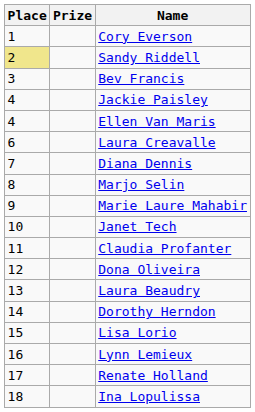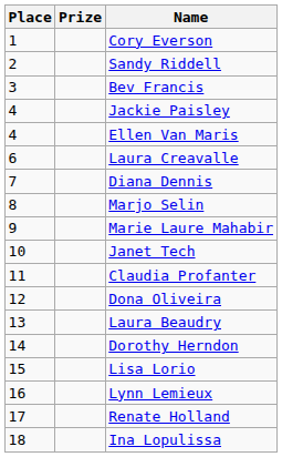 <table class="wikitable">
 <tr>
 <th>Place</th>
 <th>Prize</th>
 <th>Name</th>
 </tr>
 <tr>
 <td>1</td>
 <td></td>
 <td> <a href='#'>Cory Everson</a></td>
 </tr>
 <tr>
-<td style="background: khaki;">2</td>
+<td>2</td>
 <td></td>
 <td> <a href='#'>Sandy Riddell</a></td>
 </tr>
 <tr>
 <td>3</td>
 <td></td>
 <td> <a href='#'>Bev Francis</a></td>
 </tr>
 <tr>
 <td>4</td>
 <td></td>
 <td> <a href='#'>Jackie Paisley</a></td>
 </tr>
 <tr>
 <td>4</td>
 <td></td>
 <td> <a href='#'>Ellen Van Maris</a></td>
 </tr>
 <tr>
 <td>6</td>
 <td></td>
 <td> <a href='#'>Laura Creavalle</a></td>
 </tr>
 <tr>
 <td>7</td>
 <td></td>
 <td> <a href='#'>Diana Dennis</a></td>
 </tr>
 <tr>
 <td>8</td>
 <td></td>
 <td> <a href='#'>Marjo Selin</a></td>
 </tr>
 <tr>
 <td>9</td>
 <td></td>
 <td> <a href='#'>Marie Laure Mahabir</a></td>
 </tr>
 <tr>
 <td>10</td>
 <td></td>
 <td> <a href='#'>Janet Tech</a></td>
 </tr>
 <tr>
 <td>11</td>
 <td></td>
 <td> <a href='#'>Claudia Profanter</a></td>
 </tr>
 <tr>
 <td>12</td>
 <td></td>
 <td> <a href='#'>Dona Oliveira</a></td>
 </tr>
 <tr>
 <td>13</td>
 <td></td>
 <td> <a href='#'>Laura Beaudry</a></td>
 </tr>
 <tr>
 <td>14</td>
 <td></td>
 <td> <a href='#'>Dorothy Herndon</a></td>
 </tr>
 <tr>
 <td>15</td>
 <td></td>
 <td> <a href='#'>Lisa Lorio</a></td>
 </tr>
 <tr>
 <td>16</td>
 <td></td>
 <td> <a href='#'>Lynn Lemieux</a></td>
 </tr>
 <tr>
 <td>17</td>
 <td></td>
 <td> <a href='#'>Renate Holland</a></td>
 </tr>
 <tr>
 <td>18</td>
 <td></td>
 <td> <a href='#'>Ina Lopulissa</a></td>
 </tr>
 <tr>
 </tr>
 </table>
